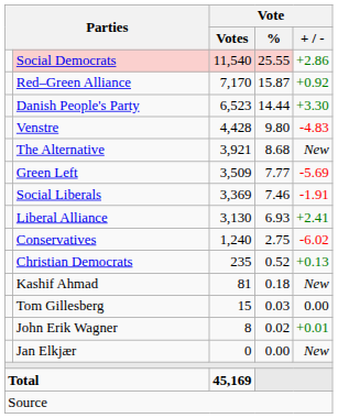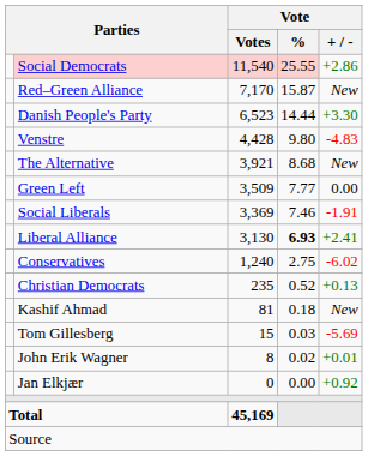 <table class="wikitable" style="text-align:right;">
 <tr>
 <th style="text-align:centre;" rowspan="2" colspan="2" width="225">Parties</th>
 <th colspan="3">Vote</th>
 </tr>
 <tr>
 <th width="15">Votes</th>
 <th width="15">%</th>
 <th width="15">+ / -</th>
 </tr>
 <tr>
 <td width="2" style="color:inherit;background:"></td>
 <td bgcolor=#fbd0ce  align="left"><a href='#'>Social Democrats</a></td>
 <td bgcolor=#fbd0ce>11,540</td>
 <td bgcolor=#fbd0ce>25.55</td>
 <td style=color:green;>+2.86</td>
 </tr>
 <tr>
 <td width="2" style="color:inherit;background:"></td>
 <td align="left"><a href='#'>Red–Green Alliance</a></td>
 <td>7,170</td>
 <td>15.87</td>
-<td style=color:green;>+0.92</td>
+<td><em>New</em></td>
 </tr>
 <tr>
 <td width="2" style="color:inherit;background:"></td>
 <td align="left"><a href='#'>Danish People's Party</a></td>
 <td>6,523</td>
 <td>14.44</td>
 <td style=color:green;>+3.30</td>
 </tr>
 <tr>
 <td width="2" style="color:inherit;background:"></td>
 <td align="left"><a href='#'>Venstre</a></td>
 <td>4,428</td>
 <td>9.80</td>
 <td style=color:red;>-4.83</td>
 </tr>
 <tr>
 <td width="2" style="color:inherit;background:"></td>
 <td align="left"><a href='#'>The Alternative</a></td>
 <td>3,921</td>
 <td>8.68</td>
 <td><em>New</em></td>
 </tr>
 <tr>
 <td width="2" style="color:inherit;background:"></td>
 <td align="left"><a href='#'>Green Left</a></td>
 <td>3,509</td>
 <td>7.77</td>
-<td style=color:red;>-5.69</td>
+<td>0.00</td>
 </tr>
 <tr>
 <td width="2" style="color:inherit;background:"></td>
 <td align="left"><a href='#'>Social Liberals</a></td>
 <td>3,369</td>
 <td>7.46</td>
 <td style=color:red;>-1.91</td>
 </tr>
 <tr>
 <td width="2" style="color:inherit;background:"></td>
 <td align="left"><a href='#'>Liberal Alliance</a></td>
 <td>3,130</td>
-<td>6.93</td>
+<td><strong>6.93</strong></td>
 <td style=color:green;>+2.41</td>
 </tr>
 <tr>
 <td width="2" style="color:inherit;background:"></td>
 <td align="left"><a href='#'>Conservatives</a></td>
 <td>1,240</td>
 <td>2.75</td>
 <td style=color:red;>-6.02</td>
 </tr>
 <tr>
 <td width="2" style="color:inherit;background:"></td>
 <td align="left"><a href='#'>Christian Democrats</a></td>
 <td>235</td>
 <td>0.52</td>
 <td style=color:green;>+0.13</td>
 </tr>
 <tr>
 <td width="2" style="color:inherit;background:"></td>
 <td align="left">Kashif Ahmad</td>
 <td>81</td>
 <td>0.18</td>
 <td><em>New</em></td>
 </tr>
 <tr>
 <td width="2" style="color:inherit;background:"></td>
 <td align="left">Tom Gillesberg</td>
 <td>15</td>
 <td>0.03</td>
-<td>0.00</td>
+<td style=color:red;>-5.69</td>
 </tr>
 <tr>
 <td width="2" style="color:inherit;background:"></td>
 <td align="left">John Erik Wagner</td>
 <td>8</td>
 <td>0.02</td>
 <td style=color:green;>+0.01</td>
 </tr>
 <tr>
 <td width="2" style="color:inherit;background:"></td>
 <td align="left">Jan Elkjær</td>
 <td>0</td>
 <td>0.00</td>
-<td><em>New</em></td>
+<td style=color:green;>+0.92</td>
 </tr>
 <tr>
 <td colspan="7" bgcolor="#E9E9E9"></td>
 </tr>
 <tr>
 <td align="left" colspan="2"><strong>Total</strong></td>
 <td><strong>45,169</strong></td>
 <td bgcolor="#E9E9E9" colspan="2"></td>
 </tr>
 <tr>
 <td align="left" colspan="6">Source</td>
 </tr>
 </table>
